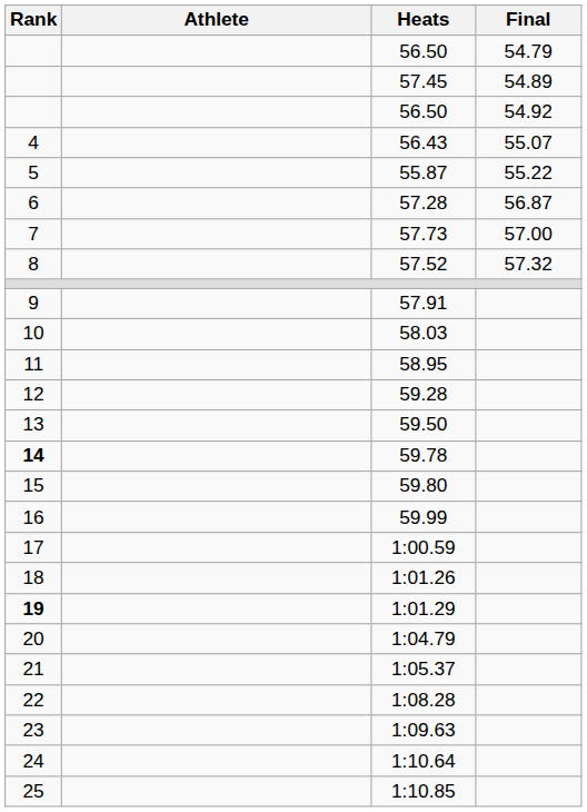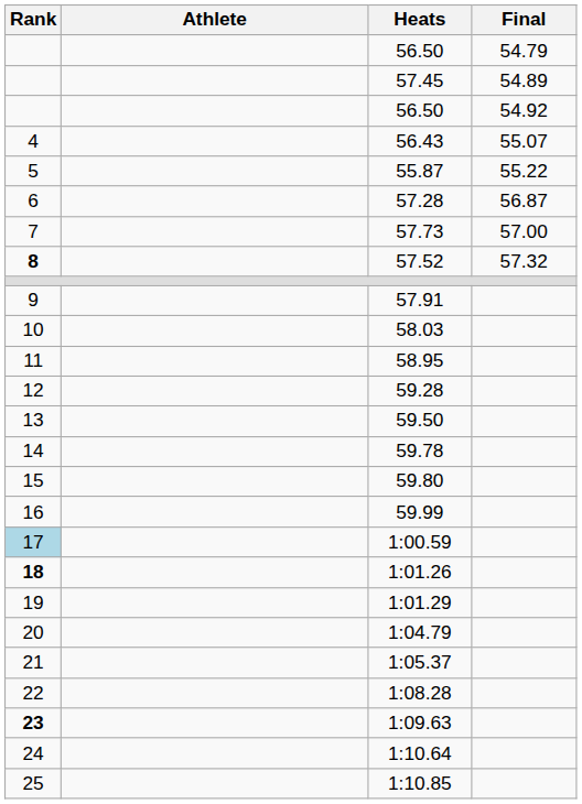 <table class=wikitable style="text-align:center">
 <tr>
 <th width=40>Rank</th>
 <th width=250>Athlete</th>
 <th width=80>Heats</th>
 <th width=80>Final</th>
 </tr>
 <tr>
 <td></td>
 <td align=left></td>
 <td>56.50</td>
 <td>54.79</td>
 </tr>
 <tr>
 <td></td>
 <td align=left></td>
 <td>57.45</td>
 <td>54.89</td>
 </tr>
 <tr>
 <td></td>
 <td align=left></td>
 <td>56.50</td>
 <td>54.92</td>
 </tr>
 <tr>
 <td>4</td>
 <td align=left></td>
 <td>56.43</td>
 <td>55.07</td>
 </tr>
 <tr>
 <td>5</td>
 <td align=left></td>
 <td>55.87</td>
 <td>55.22</td>
 </tr>
 <tr>
 <td>6</td>
 <td align=left></td>
 <td>57.28</td>
 <td>56.87</td>
 </tr>
 <tr>
 <td>7</td>
 <td align=left></td>
 <td>57.73</td>
 <td>57.00</td>
 </tr>
 <tr>
-<td>8</td>
+<td><strong>8</strong></td>
 <td align=left></td>
 <td>57.52</td>
 <td>57.32</td>
 </tr>
 <tr bgcolor=#DDDDDD>
 <td colspan=4></td>
 </tr>
 <tr>
 <td>9</td>
 <td align=left></td>
 <td>57.91</td>
 <td></td>
 </tr>
 <tr>
 <td>10</td>
 <td align=left></td>
 <td>58.03</td>
 <td></td>
 </tr>
 <tr>
 <td>11</td>
 <td align=left></td>
 <td>58.95</td>
 <td></td>
 </tr>
 <tr>
 <td>12</td>
 <td align=left></td>
 <td>59.28</td>
 <td></td>
 </tr>
 <tr>
 <td>13</td>
 <td align=left></td>
 <td>59.50</td>
 <td></td>
 </tr>
 <tr>
-<td><strong>14</strong></td>
+<td>14</td>
 <td align=left></td>
 <td>59.78</td>
 <td></td>
 </tr>
 <tr>
 <td>15</td>
 <td align=left></td>
 <td>59.80</td>
 <td></td>
 </tr>
 <tr>
 <td>16</td>
 <td align=left></td>
 <td>59.99</td>
 <td></td>
 </tr>
 <tr>
-<td>17</td>
+<td style="background: lightblue;">17</td>
 <td align=left></td>
 <td>1:00.59</td>
 <td></td>
 </tr>
 <tr>
-<td>18</td>
+<td><strong>18</strong></td>
 <td align=left></td>
 <td>1:01.26</td>
 <td></td>
 </tr>
 <tr>
-<td><strong>19</strong></td>
+<td>19</td>
 <td align=left></td>
 <td>1:01.29</td>
 <td></td>
 </tr>
 <tr>
 <td>20</td>
 <td align=left></td>
 <td>1:04.79</td>
 <td></td>
 </tr>
 <tr>
 <td>21</td>
 <td align=left></td>
 <td>1:05.37</td>
 <td></td>
 </tr>
 <tr>
 <td>22</td>
 <td align=left></td>
 <td>1:08.28</td>
 <td></td>
 </tr>
 <tr>
-<td>23</td>
+<td><strong>23</strong></td>
 <td align=left></td>
 <td>1:09.63</td>
 <td></td>
 </tr>
 <tr>
 <td>24</td>
 <td align=left></td>
 <td>1:10.64</td>
 <td></td>
 </tr>
 <tr>
 <td>25</td>
 <td align=left></td>
 <td>1:10.85</td>
 <td></td>
 </tr>
 </table>
